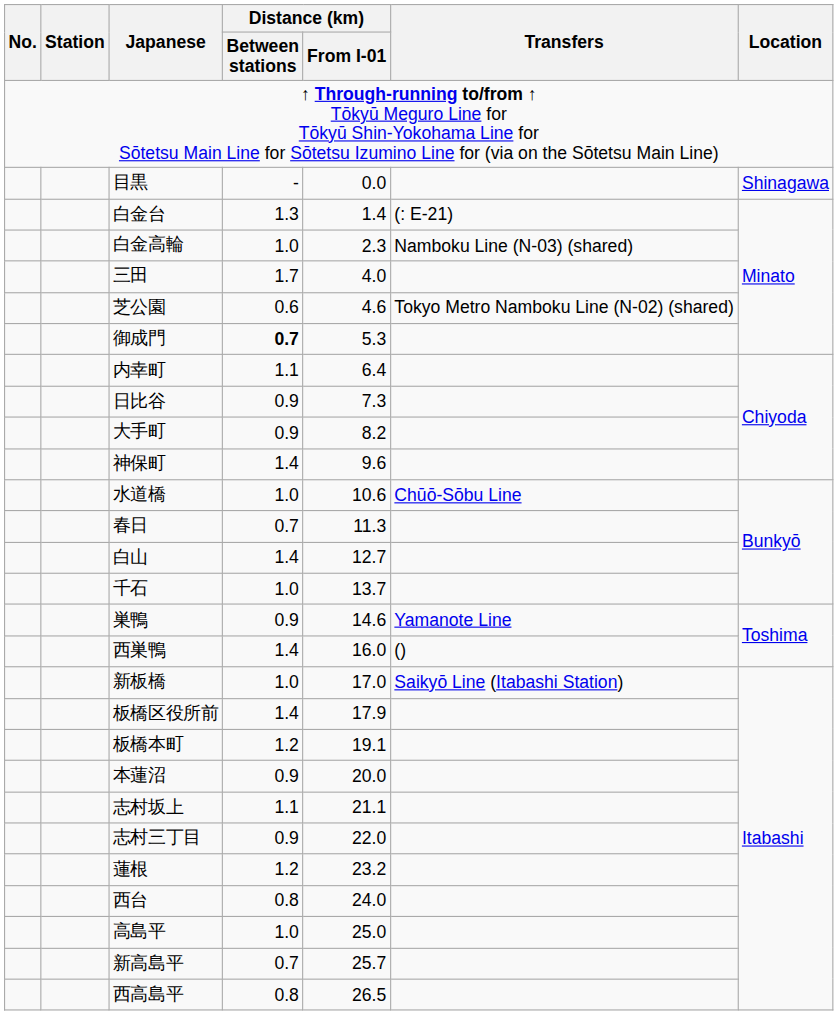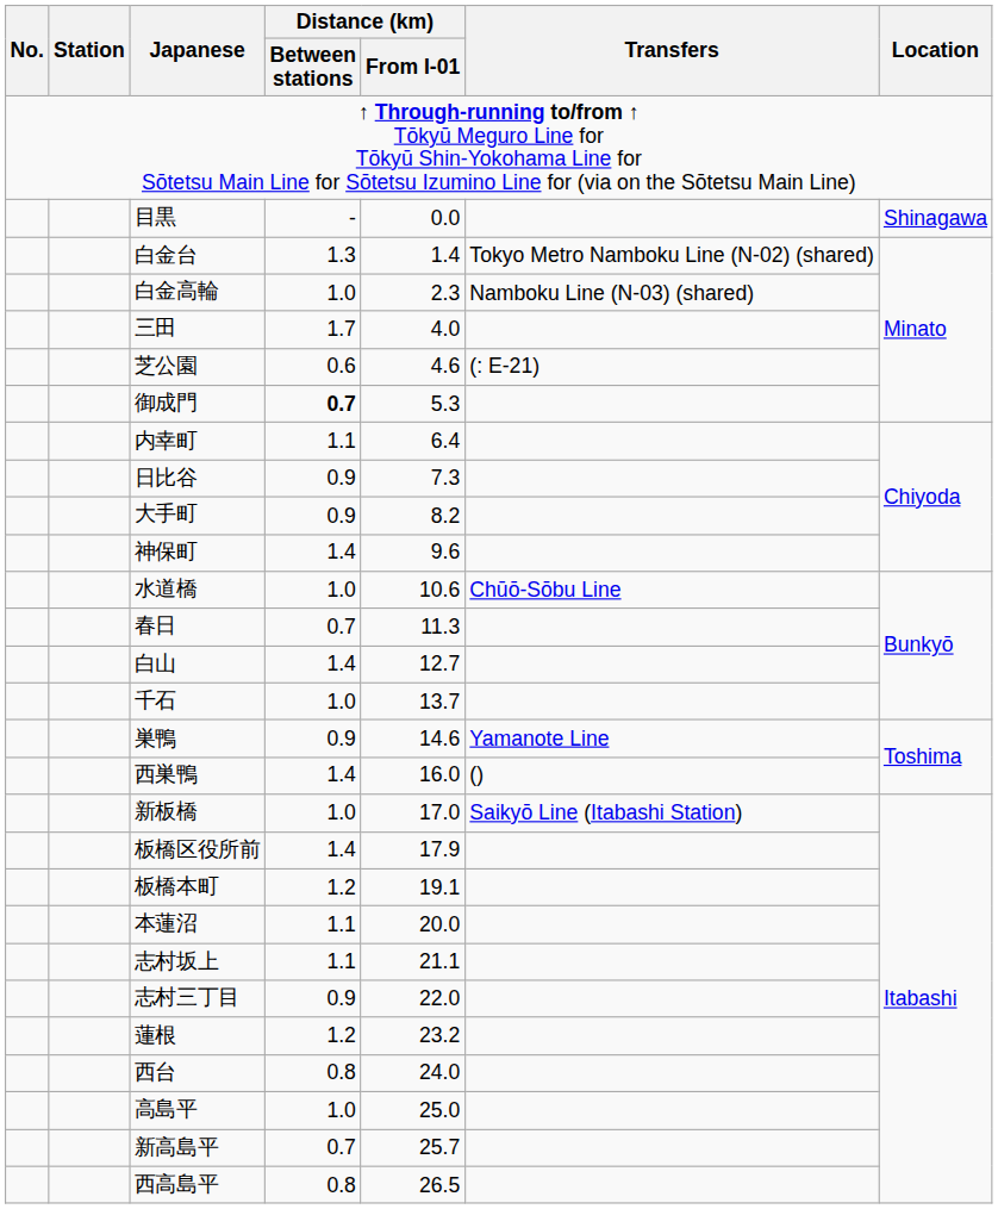 <table class="wikitable" rules="all">
 <tr>
 <th rowspan="2">No.</th>
 <th rowspan="2">Station</th>
 <th rowspan="2">Japanese</th>
 <th colspan="2">Distance (km)</th>
 <th rowspan="2">Transfers</th>
 <th rowspan="2">Location</th>
 </tr>
 <tr>
 <th>Between<br>stations</th>
 <th>From I-01</th>
 </tr>
 <tr>
 <td colspan="7" align="center"><strong>↑ <a href='#'>Through-running</a> to/from ↑</strong><br> <a href='#'>Tōkyū Meguro Line</a> for <br> <a href='#'>Tōkyū Shin-Yokohama Line</a> for <br> <a href='#'>Sōtetsu Main Line</a> for   <a href='#'>Sōtetsu Izumino Line</a> for  (via  on the Sōtetsu Main Line)</td>
 </tr>
 <tr>
 <td></td>
 <td></td>
 <td>目黒</td>
 <td style="text-align:right;">-</td>
 <td style="text-align:right;">0.0</td>
 <td></td>
 <td><a href='#'>Shinagawa</a></td>
 </tr>
 <tr>
 <td></td>
 <td></td>
 <td>白金台</td>
 <td style="text-align:right;">1.3</td>
 <td style="text-align:right;">1.4</td>
-<td>  (: E-21)</td>
+<td> Tokyo Metro Namboku Line (N-02) (shared)</td>
 <td rowspan="5"><a href='#'>Minato</a></td>
 </tr>
 <tr>
 <td></td>
 <td></td>
 <td>白金高輪</td>
 <td style="text-align:right;">1.0</td>
 <td style="text-align:right;">2.3</td>
 <td> Namboku Line (N-03) (shared)</td>
 </tr>
 <tr>
 <td></td>
 <td></td>
 <td>三田</td>
 <td style="text-align:right;">1.7</td>
 <td style="text-align:right;">4.0</td>
 <td></td>
 </tr>
 <tr>
 <td></td>
 <td></td>
 <td>芝公園</td>
 <td style="text-align:right;">0.6</td>
 <td style="text-align:right;">4.6</td>
-<td> Tokyo Metro Namboku Line (N-02) (shared)</td>
+<td>  (: E-21)</td>
 </tr>
 <tr>
 <td></td>
 <td></td>
 <td>御成門</td>
 <td style="text-align:right;"><strong>0.7</strong></td>
 <td style="text-align:right;">5.3</td>
 <td> </td>
 </tr>
 <tr>
 <td></td>
 <td></td>
 <td>内幸町</td>
 <td style="text-align:right;">1.1</td>
 <td style="text-align:right;">6.4</td>
 <td></td>
 <td rowspan="4"><a href='#'>Chiyoda</a></td>
 </tr>
 <tr>
 <td></td>
 <td></td>
 <td>日比谷</td>
 <td style="text-align:right;">0.9</td>
 <td style="text-align:right;">7.3</td>
 <td></td>
 </tr>
 <tr>
 <td></td>
 <td></td>
 <td>大手町</td>
 <td style="text-align:right;">0.9</td>
 <td style="text-align:right;">8.2</td>
 <td></td>
 </tr>
 <tr>
 <td></td>
 <td></td>
 <td>神保町</td>
 <td style="text-align:right;">1.4</td>
 <td style="text-align:right;">9.6</td>
 <td></td>
 </tr>
 <tr>
 <td></td>
 <td></td>
 <td>水道橋</td>
 <td style="text-align:right;">1.0</td>
 <td style="text-align:right;">10.6</td>
 <td> <a href='#'>Chūō-Sōbu Line</a></td>
 <td rowspan="4"><a href='#'>Bunkyō</a></td>
 </tr>
 <tr>
 <td></td>
 <td></td>
 <td>春日</td>
 <td style="text-align:right;">0.7</td>
 <td style="text-align:right;">11.3</td>
 <td></td>
 </tr>
 <tr>
 <td></td>
 <td></td>
 <td>白山</td>
 <td style="text-align:right;">1.4</td>
 <td style="text-align:right;">12.7</td>
 <td> </td>
 </tr>
 <tr>
 <td></td>
 <td></td>
 <td>千石</td>
 <td style="text-align:right;">1.0</td>
 <td style="text-align:right;">13.7</td>
 <td> </td>
 </tr>
 <tr>
 <td></td>
 <td></td>
 <td>巣鴨</td>
 <td style="text-align:right;">0.9</td>
 <td style="text-align:right;">14.6</td>
 <td> <a href='#'>Yamanote Line</a></td>
 <td rowspan="2"><a href='#'>Toshima</a></td>
 </tr>
 <tr>
 <td></td>
 <td></td>
 <td>西巣鴨</td>
 <td style="text-align:right;">1.4</td>
 <td style="text-align:right;">16.0</td>
 <td> ()</td>
 </tr>
 <tr>
 <td></td>
 <td></td>
 <td>新板橋</td>
 <td style="text-align:right;">1.0</td>
 <td style="text-align:right;">17.0</td>
 <td> <a href='#'>Saikyō Line</a> (<a href='#'>Itabashi Station</a>)</td>
 <td rowspan="11"><a href='#'>Itabashi</a></td>
 </tr>
 <tr>
 <td></td>
 <td></td>
 <td>板橋区役所前</td>
 <td style="text-align:right;">1.4</td>
 <td style="text-align:right;">17.9</td>
 <td> </td>
 </tr>
 <tr>
 <td></td>
 <td></td>
 <td>板橋本町</td>
 <td style="text-align:right;">1.2</td>
 <td style="text-align:right;">19.1</td>
 <td> </td>
 </tr>
 <tr>
 <td></td>
 <td></td>
 <td>本蓮沼</td>
-<td style="text-align:right;">0.9</td>
+<td style="text-align:right;">1.1</td>
 <td style="text-align:right;">20.0</td>
 <td> </td>
 </tr>
 <tr>
 <td></td>
 <td></td>
 <td>志村坂上</td>
 <td style="text-align:right;">1.1</td>
 <td style="text-align:right;">21.1</td>
 <td> </td>
 </tr>
 <tr>
 <td></td>
 <td></td>
 <td>志村三丁目</td>
 <td style="text-align:right;">0.9</td>
 <td style="text-align:right;">22.0</td>
 <td> </td>
 </tr>
 <tr>
 <td></td>
 <td></td>
 <td>蓮根</td>
 <td style="text-align:right;">1.2</td>
 <td style="text-align:right;">23.2</td>
 <td> </td>
 </tr>
 <tr>
 <td></td>
 <td></td>
 <td>西台</td>
 <td style="text-align:right;">0.8</td>
 <td style="text-align:right;">24.0</td>
 <td> </td>
 </tr>
 <tr>
 <td></td>
 <td></td>
 <td>高島平</td>
 <td style="text-align:right;">1.0</td>
 <td style="text-align:right;">25.0</td>
 <td> </td>
 </tr>
 <tr>
 <td></td>
 <td></td>
 <td>新高島平</td>
 <td style="text-align:right;">0.7</td>
 <td style="text-align:right;">25.7</td>
 <td> </td>
 </tr>
 <tr>
 <td></td>
 <td></td>
 <td>西高島平</td>
 <td style="text-align:right;">0.8</td>
 <td style="text-align:right;">26.5</td>
 <td> </td>
 </tr>
 </table>
